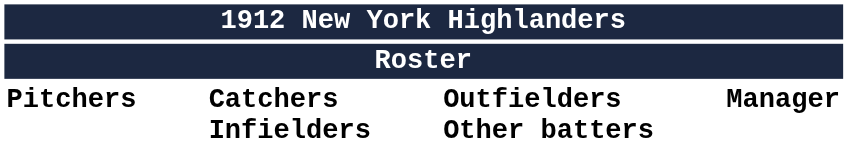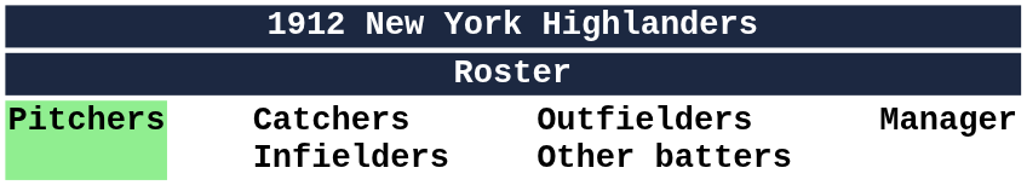 <table class="toccolours" style="font-size: 95%;">
 <tr>
 <th colspan="10" style="background:#1c2841; color:white; text-align:center;">1912 New York Highlanders</th>
 </tr>
 <tr>
 <td colspan="10" style="background:#1c2841; color:white; text-align:center;"><strong>Roster</strong></td>
 </tr>
 <tr>
-<td valign="top"><strong>Pitchers</strong><br>            </td>
+<td valign="top" style="background: lightgreen;"><strong>Pitchers</strong><br>            </td>
 <td style="width:25px;"></td>
 <td valign="top"><strong>Catchers</strong><br>     <strong>Infielders</strong>              </td>
 <td style="width:25px;"></td>
 <td valign="top"><strong>Outfielders</strong><br>           <strong>Other batters</strong> </td>
 <td style="width:25px;"></td>
 <td valign="top"><strong>Manager</strong><br></td>
 </tr>
 </table>
